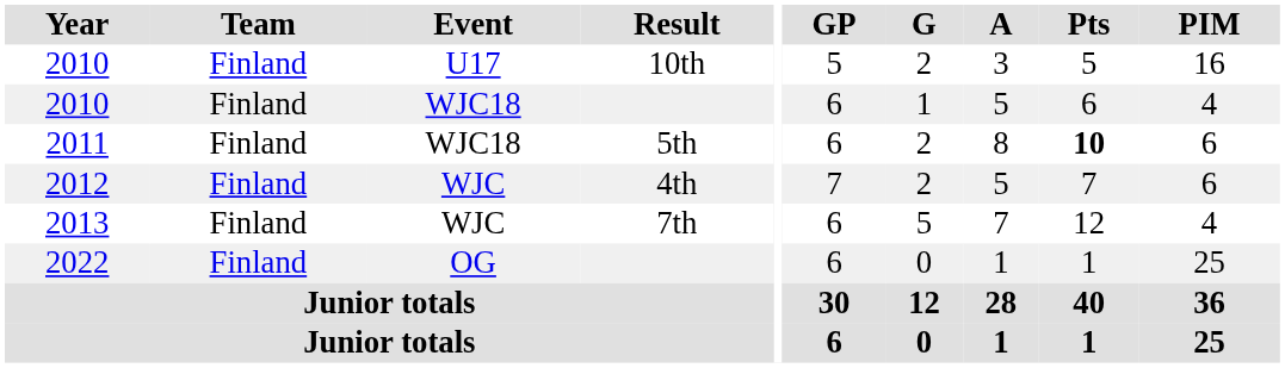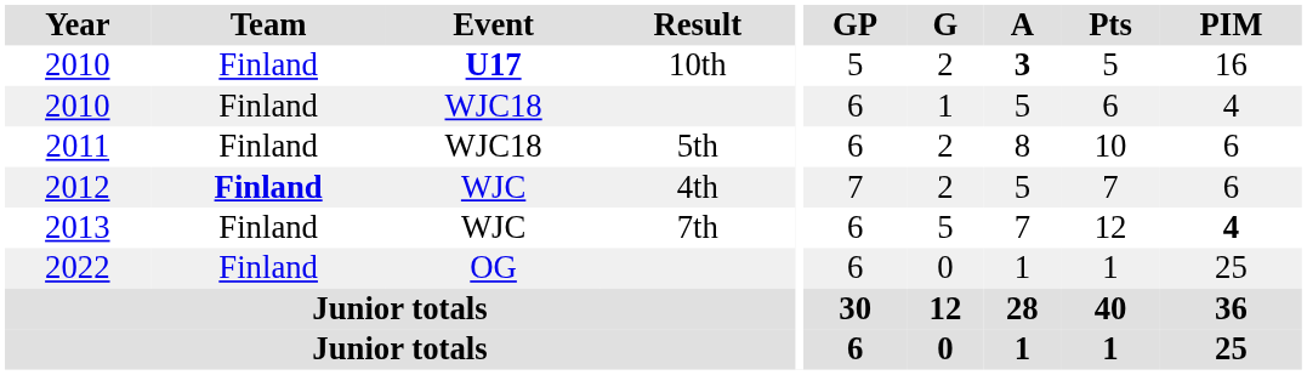 <table border="0" cellpadding="1" cellspacing="0" ID="Table3" style="text-align:center; width:40em">
 <tr ALIGN="center" bgcolor="#e0e0e0">
 <th>Year</th>
 <th>Team</th>
 <th>Event</th>
 <th>Result</th>
 <th rowspan="99" bgcolor="#ffffff"></th>
 <th>GP</th>
 <th>G</th>
 <th>A</th>
 <th>Pts</th>
 <th>PIM</th>
 </tr>
 <tr>
 <td><a href='#'>2010</a></td>
 <td><a href='#'>Finland</a></td>
-<td><a href='#'>U17</a></td>
+<td><strong><a href='#'>U17</a></strong></td>
 <td>10th</td>
 <td>5</td>
 <td>2</td>
-<td>3</td>
+<td><strong>3</strong></td>
 <td>5</td>
 <td>16</td>
 </tr>
 <tr bgcolor="#f0f0f0">
 <td><a href='#'>2010</a></td>
 <td>Finland</td>
 <td><a href='#'>WJC18</a></td>
 <td></td>
 <td>6</td>
 <td>1</td>
 <td>5</td>
 <td>6</td>
 <td>4</td>
 </tr>
 <tr>
 <td><a href='#'>2011</a></td>
 <td>Finland</td>
 <td>WJC18</td>
 <td>5th</td>
 <td>6</td>
 <td>2</td>
 <td>8</td>
-<td><strong>10</strong></td>
+<td>10</td>
 <td>6</td>
 </tr>
 <tr bgcolor="#f0f0f0">
 <td><a href='#'>2012</a></td>
-<td><a href='#'>Finland</a></td>
+<td><strong><a href='#'>Finland</a></strong></td>
 <td><a href='#'>WJC</a></td>
 <td>4th</td>
 <td>7</td>
 <td>2</td>
 <td>5</td>
 <td>7</td>
 <td>6</td>
 </tr>
 <tr>
 <td><a href='#'>2013</a></td>
 <td>Finland</td>
 <td>WJC</td>
 <td>7th</td>
 <td>6</td>
 <td>5</td>
 <td>7</td>
 <td>12</td>
-<td>4</td>
+<td><strong>4</strong></td>
 </tr>
 <tr bgcolor="#f0f0f0">
 <td><a href='#'>2022</a></td>
 <td><a href='#'>Finland</a></td>
 <td><a href='#'>OG</a></td>
 <td></td>
 <td>6</td>
 <td>0</td>
 <td>1</td>
 <td>1</td>
 <td>25</td>
 </tr>
 <tr bgcolor="#e0e0e0">
 <th colspan=4>Junior totals</th>
 <th>30</th>
 <th>12</th>
 <th>28</th>
 <th>40</th>
 <th>36</th>
 </tr>
 <tr bgcolor="#e0e0e0">
 <th colspan=4>Junior totals</th>
 <th>6</th>
 <th>0</th>
 <th>1</th>
 <th>1</th>
 <th>25</th>
 </tr>
 </table>
